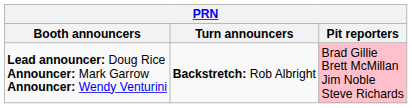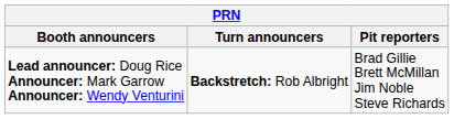 <table class="wikitable" style="font-size: 95%;">
 <tr>
 <th colspan="3"><a href='#'>PRN</a></th>
 </tr>
 <tr>
 <th>Booth announcers</th>
 <th>Turn announcers</th>
 <th>Pit reporters</th>
 </tr>
 <tr>
 <td><strong>Lead announcer:</strong> Doug Rice<br><strong>Announcer:</strong> Mark Garrow<br><strong>Announcer:</strong> <a href='#'>Wendy Venturini</a></td>
 <td><strong>Backstretch:</strong> Rob Albright</td>
-<td style="background: pink;">Brad Gillie<br>Brett McMillan<br>Jim Noble<br>Steve Richards</td>
+<td>Brad Gillie<br>Brett McMillan<br>Jim Noble<br>Steve Richards</td>
 </tr>
 </table>
